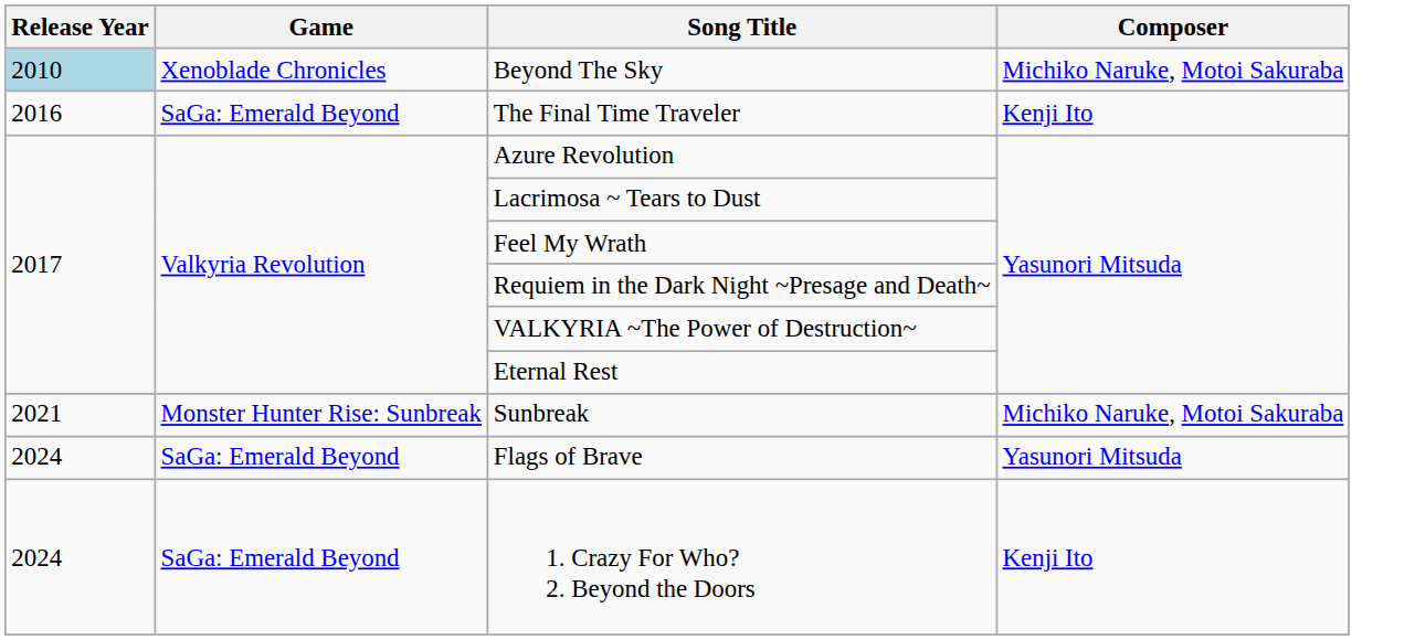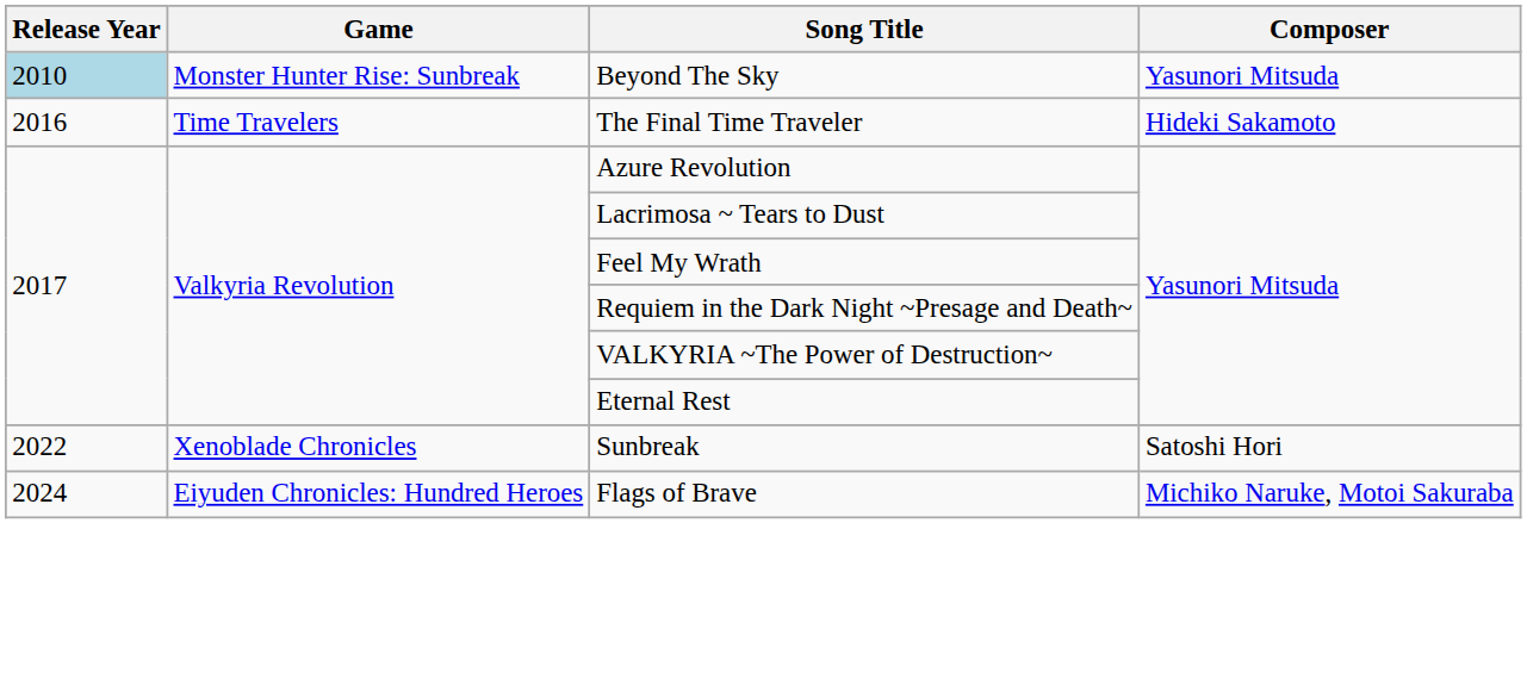 <table class="wikitable" style="font-size:small">
 <tr>
 <th>Release Year</th>
 <th>Game</th>
 <th>Song Title</th>
 <th>Composer</th>
 </tr>
 <tr>
 <td style="background: lightblue;">2010</td>
-<td><a href='#'>Xenoblade Chronicles</a></td>
+<td><a href='#'>Monster Hunter Rise: Sunbreak</a></td>
 <td>Beyond The Sky</td>
-<td><a href='#'>Michiko Naruke</a>, <a href='#'>Motoi Sakuraba</a></td>
+<td><a href='#'>Yasunori Mitsuda</a></td>
 </tr>
 <tr>
 <td>2016</td>
-<td><a href='#'>SaGa: Emerald Beyond</a></td>
+<td><a href='#'>Time Travelers</a></td>
 <td>The Final Time Traveler</td>
-<td><a href='#'>Kenji Ito</a></td>
+<td><a href='#'>Hideki Sakamoto</a></td>
 </tr>
 <tr>
 <td rowspan="6">2017</td>
 <td rowspan="6"><a href='#'>Valkyria Revolution</a></td>
 <td>Azure Revolution</td>
 <td rowspan="6"><a href='#'>Yasunori Mitsuda</a></td>
 </tr>
 <tr>
 <td>Lacrimosa ~ Tears to Dust</td>
 </tr>
 <tr>
 <td>Feel My Wrath</td>
 </tr>
 <tr>
 <td>Requiem in the Dark Night ~Presage and Death~</td>
 </tr>
 <tr>
 <td>VALKYRIA ~The Power of Destruction~</td>
 </tr>
 <tr>
 <td>Eternal Rest</td>
 </tr>
 <tr>
-<td>2021</td>
-<td><a href='#'>Monster Hunter Rise: Sunbreak</a></td>
+<td>2022</td>
+<td><a href='#'>Xenoblade Chronicles</a></td>
 <td>Sunbreak</td>
-<td><a href='#'>Michiko Naruke</a>, <a href='#'>Motoi Sakuraba</a></td>
+<td>Satoshi Hori</td>
 </tr>
 <tr>
 <td>2024</td>
-<td><a href='#'>SaGa: Emerald Beyond</a></td>
+<td><a href='#'>Eiyuden Chronicles: Hundred Heroes</a></td>
 <td>Flags of Brave</td>
-<td><a href='#'>Yasunori Mitsuda</a></td>
-</tr>
-<tr>
-<td>2024</td>
-<td><a href='#'>SaGa: Emerald Beyond</a></td>
-<td><br><ol><li>Crazy For Who?</li><li>Beyond the Doors</li></ol></td>
-<td><a href='#'>Kenji Ito</a></td>
+<td><a href='#'>Michiko Naruke</a>, <a href='#'>Motoi Sakuraba</a></td>
 </tr>
 </table>
